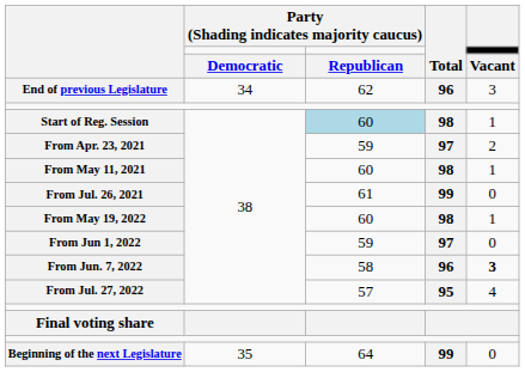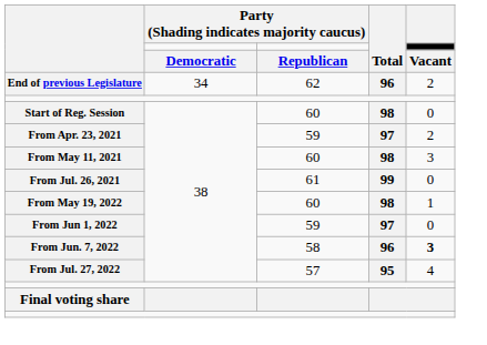 <table class=wikitable style="text-align:center">
 <tr style="vertical-align:bottom;">
 <th rowspan=3></th>
 <th colspan=2>Party <div>(Shading indicates majority caucus)</div></th>
 <th rowspan=3>Total</th>
 <th></th>
 </tr>
 <tr style="height:5px">
 <td style="background-color:"></td>
 <td style="background-color:"></td>
 <td style="background-color:black"></td>
 </tr>
 <tr>
 <th><a href='#'>Democratic</a></th>
 <th><a href='#'>Republican</a></th>
 <th>Vacant</th>
 </tr>
 <tr>
 <th nowrap style="font-size:80%">End of <a href='#'>previous Legislature</a></th>
 <td>34</td>
 <td>62</td>
 <th>96</th>
-<td>3</td>
+<td>2</td>
 </tr>
 <tr>
 <td colspan=5></td>
 </tr>
 <tr>
 <th nowrap style="font-size:80%">Start of Reg. Session</th>
 <td rowspan="8">38</td>
-<td style="background: lightblue;">60</td>
+<td>60</td>
 <th>98</th>
-<td>1</td>
+<td>0</td>
 </tr>
 <tr>
 <th nowrap style="font-size:80%">From Apr. 23, 2021</th>
 <td>59</td>
 <th>97</th>
 <td>2</td>
 </tr>
 <tr>
 <th nowrap style="font-size:80%">From May 11, 2021</th>
 <td>60</td>
 <th>98</th>
-<td>1</td>
+<td>3</td>
 </tr>
 <tr>
 <th nowrap style="font-size:80%">From Jul. 26, 2021</th>
 <td>61</td>
 <th>99</th>
 <td>0</td>
 </tr>
 <tr>
 <th nowrap style="font-size:80%">From May 19, 2022</th>
 <td>60</td>
 <th>98</th>
 <td>1</td>
 </tr>
 <tr>
 <th nowrap style="font-size:80%">From Jun 1, 2022</th>
 <td>59</td>
 <th>97</th>
 <td>0</td>
 </tr>
 <tr>
 <th nowrap style="font-size:80%">From Jun. 7, 2022</th>
 <td>58</td>
 <th>96</th>
 <td><strong>3</strong></td>
 </tr>
 <tr>
 <th nowrap style="font-size:80%">From Jul. 27, 2022</th>
 <td>57</td>
 <th>95</th>
 <td>4</td>
 </tr>
 <tr>
 <td colspan=5></td>
 </tr>
 <tr>
 <th>Final voting share</th>
 <th></th>
 <th></th>
 <th colspan=2></th>
 </tr>
 <tr>
 <td colspan=5></td>
 </tr>
-<tr>
-<th style="white-space:nowrap; font-size:80%;">Beginning of the <a href='#'>next Legislature</a></th>
-<td>35</td>
-<td>64</td>
-<th>99</th>
-<td>0</td>
-</tr>
 </table>
